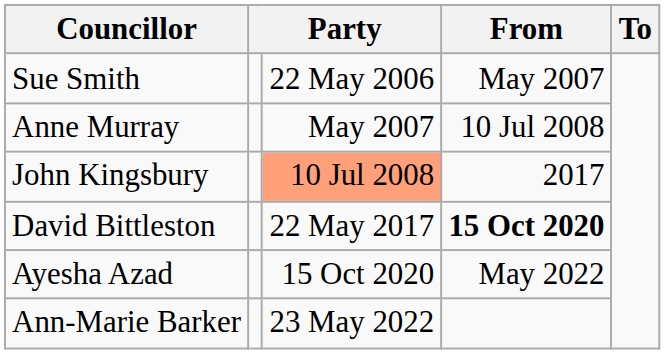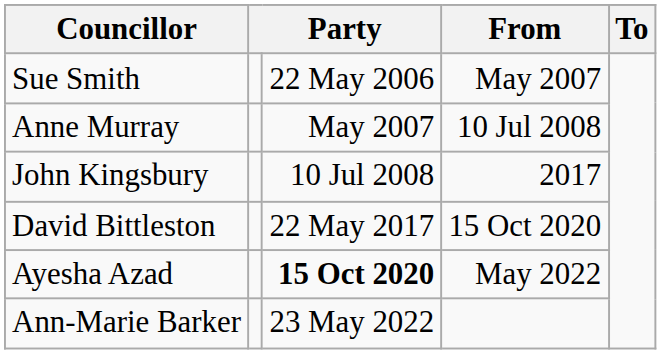 <table class=wikitable>
 <tr>
 <th>Councillor</th>
 <th colspan=2>Party</th>
 <th>From</th>
 <th>To</th>
 </tr>
 <tr>
 <td>Sue Smith</td>
 <td></td>
 <td align=right>22 May 2006</td>
 <td align=right>May 2007</td>
 </tr>
 <tr>
 <td>Anne Murray</td>
 <td></td>
 <td align=right>May 2007</td>
 <td align=right>10 Jul 2008</td>
 </tr>
 <tr>
 <td>John Kingsbury</td>
 <td></td>
-<td align=right style="background: lightsalmon;">10 Jul 2008</td>
+<td align=right>10 Jul 2008</td>
 <td align=right>2017</td>
 </tr>
 <tr>
 <td>David Bittleston</td>
 <td></td>
 <td align=right>22 May 2017</td>
-<td align=right><strong>15 Oct 2020</strong></td>
+<td align=right>15 Oct 2020</td>
 </tr>
 <tr>
 <td>Ayesha Azad</td>
 <td></td>
-<td align=right>15 Oct 2020</td>
+<td align=right><strong>15 Oct 2020</strong></td>
 <td align=right>May 2022</td>
 </tr>
 <tr>
 <td>Ann-Marie Barker</td>
 <td></td>
 <td align=right>23 May 2022</td>
 <td></td>
 </tr>
 </table>
